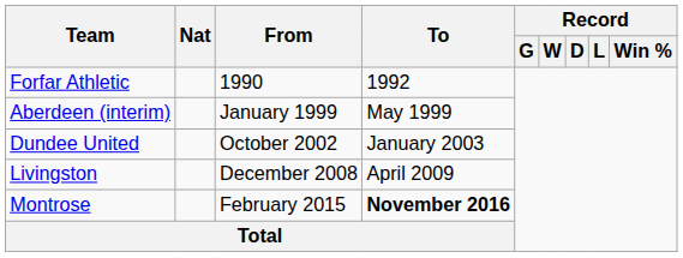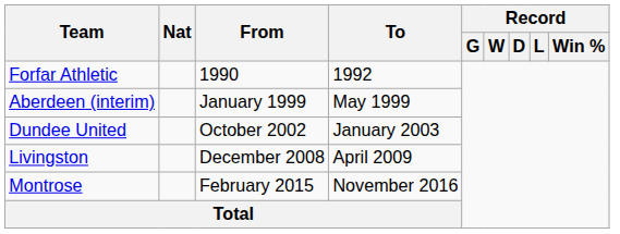 <table class="wikitable" style="text-align: center">
 <tr>
 <th rowspan="2">Team</th>
 <th rowspan="2">Nat</th>
 <th rowspan="2">From</th>
 <th rowspan="2">To</th>
 <th colspan="5">Record</th>
 </tr>
 <tr>
 <th>G</th>
 <th>W</th>
 <th>D</th>
 <th>L</th>
 <th>Win %</th>
 </tr>
 <tr>
 <td align=left><a href='#'>Forfar Athletic</a></td>
 <td></td>
 <td align=left>1990</td>
 <td align=left>1992<br></td>
 </tr>
 <tr>
 <td align=left><a href='#'>Aberdeen (interim)</a></td>
 <td></td>
 <td align=left>January 1999</td>
 <td align=left>May 1999<br></td>
 </tr>
 <tr>
 <td align=left><a href='#'>Dundee United</a></td>
 <td></td>
 <td align=left>October 2002</td>
 <td align=left>January 2003<br></td>
 </tr>
 <tr>
 <td align=left><a href='#'>Livingston</a></td>
 <td></td>
 <td align=left>December 2008</td>
 <td align=left>April 2009<br></td>
 </tr>
 <tr>
 <td align=left><a href='#'>Montrose</a></td>
 <td></td>
 <td align=left>February 2015</td>
-<td align=left><strong>November 2016<br></strong></td>
+<td align=left>November 2016<br></td>
 </tr>
 <tr>
 <th colspan="4">Total<br></th>
 </tr>
 </table>
